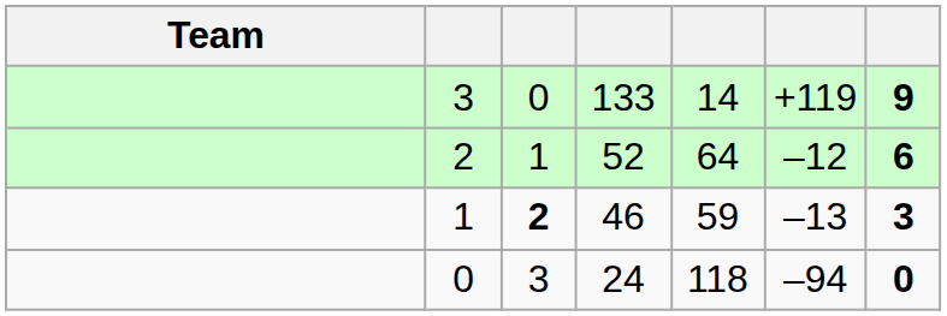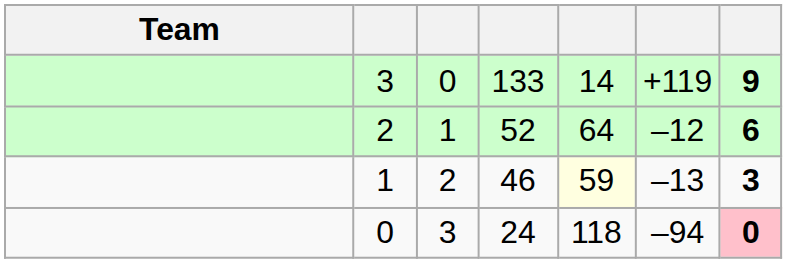 <table class="wikitable" style="text-align:center;">
 <tr>
 <th style="width:10.5em;">Team</th>
 <th style="width:1.5em;"></th>
 <th style="width:1.5em;"></th>
 <th style="width:2.0em;"></th>
 <th style="width:2.0em;"></th>
 <th style="width:2.0em;"></th>
 <th style="width:1.5em;"></th>
 </tr>
 <tr bgcolor=#cfc>
 <td align="left"></td>
 <td>3</td>
 <td>0</td>
 <td>133</td>
 <td>14</td>
 <td>+119</td>
 <td><strong>9</strong></td>
 </tr>
 <tr bgcolor=#cfc>
 <td align="left"></td>
 <td>2</td>
 <td>1</td>
 <td>52</td>
 <td>64</td>
 <td>–12</td>
 <td><strong>6</strong></td>
 </tr>
 <tr>
 <td align="left"></td>
 <td>1</td>
-<td><strong>2</strong></td>
+<td>2</td>
 <td>46</td>
-<td>59</td>
+<td style="background: lightyellow;">59</td>
 <td>–13</td>
 <td><strong>3</strong></td>
 </tr>
 <tr>
 <td align="left"></td>
 <td>0</td>
 <td>3</td>
 <td>24</td>
 <td>118</td>
 <td>–94</td>
-<td><strong>0</strong></td>
+<td style="background: pink;"><strong>0</strong></td>
 </tr>
 </table>
